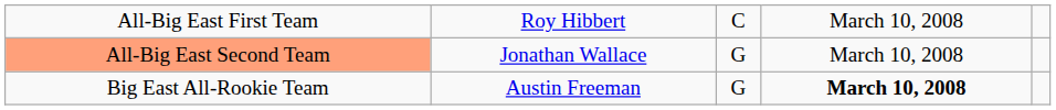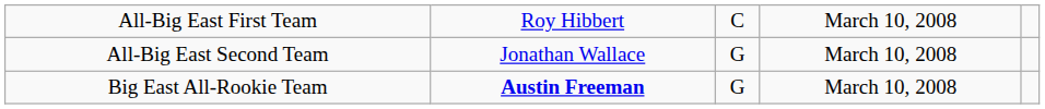 <table class="wikitable" style="width: 90%;text-align: center;">
 <tr align="center">
 <td rowspan="1">All-Big East First Team</td>
 <td><a href='#'>Roy Hibbert</a></td>
 <td>C</td>
 <td>March 10, 2008</td>
 <td></td>
 </tr>
 <tr align="center">
-<td rowspan="1" style="background: lightsalmon;">All-Big East Second Team</td>
+<td rowspan="1">All-Big East Second Team</td>
 <td><a href='#'>Jonathan Wallace</a></td>
 <td>G</td>
 <td>March 10, 2008</td>
 <td></td>
 </tr>
 <tr align="center">
 <td rowspan="1">Big East All-Rookie Team</td>
-<td><a href='#'>Austin Freeman</a></td>
+<td><strong><a href='#'>Austin Freeman</a></strong></td>
 <td>G</td>
-<td><strong>March 10, 2008</strong></td>
+<td>March 10, 2008</td>
 <td></td>
 </tr>
 </table>
